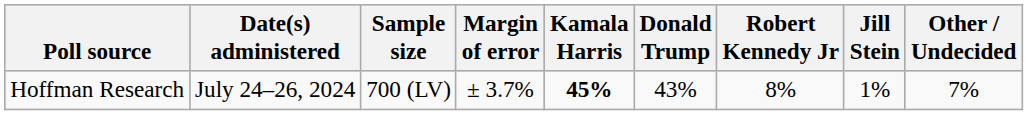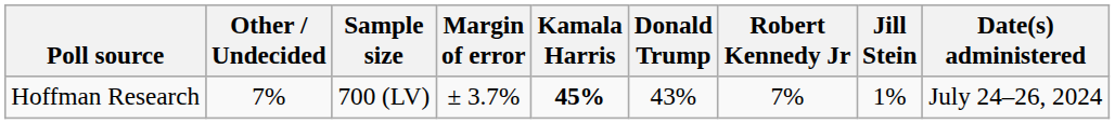 <table class="wikitable sortable mw-datatable" style="font-size:90%;text-align:center;line-height:17px">
 <tr valign=bottom>
 <th>Poll source</th>
-<th>Date(s)<br>administered</th>
+<th class="unsortable">Other /<br>Undecided</th>
 <th>Sample<br>size</th>
 <th>Margin<br>of error</th>
 <th class="unsortable">Kamala<br>Harris<br></th>
 <th class="unsortable">Donald<br>Trump<br></th>
 <th class="unsortable">Robert<br>Kennedy Jr<br></th>
 <th class="unsortable">Jill<br>Stein<br></th>
-<th class="unsortable">Other /<br>Undecided</th>
+<th>Date(s)<br>administered</th>
 </tr>
 <tr>
 <td style="text-align:left;">Hoffman Research</td>
-<td data-sort-value="2024-07-26">July 24–26, 2024</td>
+<td>7%</td>
 <td>700 (LV)</td>
 <td>± 3.7%</td>
 <td style="color:black;background-color:"><strong>45%</strong></td>
 <td>43%</td>
-<td>8%</td>
+<td>7%</td>
 <td>1%</td>
-<td>7%</td>
+<td data-sort-value="2024-07-26">July 24–26, 2024</td>
 </tr>
 </table>
